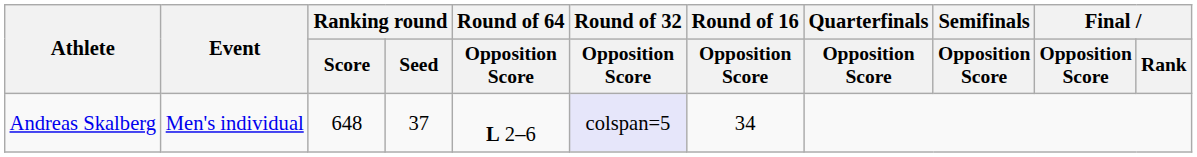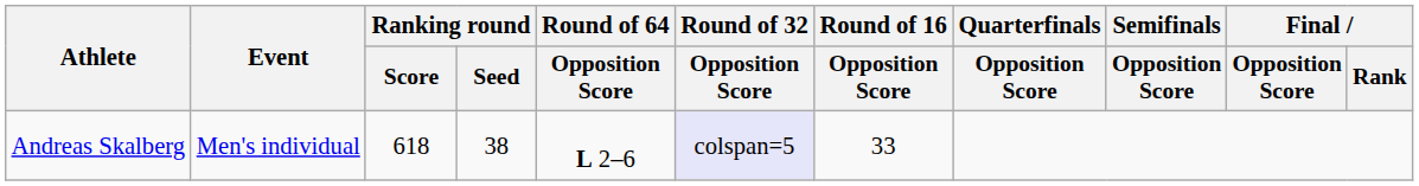 <table class="wikitable" style="font-size:90%">
 <tr>
 <th rowspan="2">Athlete</th>
 <th rowspan="2">Event</th>
 <th colspan="2">Ranking round</th>
 <th>Round of 64</th>
 <th>Round of 32</th>
 <th>Round of 16</th>
 <th>Quarterfinals</th>
 <th>Semifinals</th>
 <th colspan="2">Final / </th>
 </tr>
 <tr style="font-size:95%">
 <th>Score</th>
 <th>Seed</th>
 <th>Opposition<br>Score</th>
 <th>Opposition<br>Score</th>
 <th>Opposition<br>Score</th>
 <th>Opposition<br>Score</th>
 <th>Opposition<br>Score</th>
 <th>Opposition<br>Score</th>
 <th>Rank</th>
 </tr>
 <tr align=center>
 <td align=left><a href='#'>Andreas Skalberg</a></td>
 <td align=left><a href='#'>Men's individual</a></td>
-<td>648</td>
-<td>37</td>
+<td>618</td>
+<td>38</td>
 <td><br><strong>L</strong> 2–6</td>
 <td style="background: lavender;">colspan=5 </td>
-<td>34</td>
+<td>33</td>
 </tr>
 </table>
